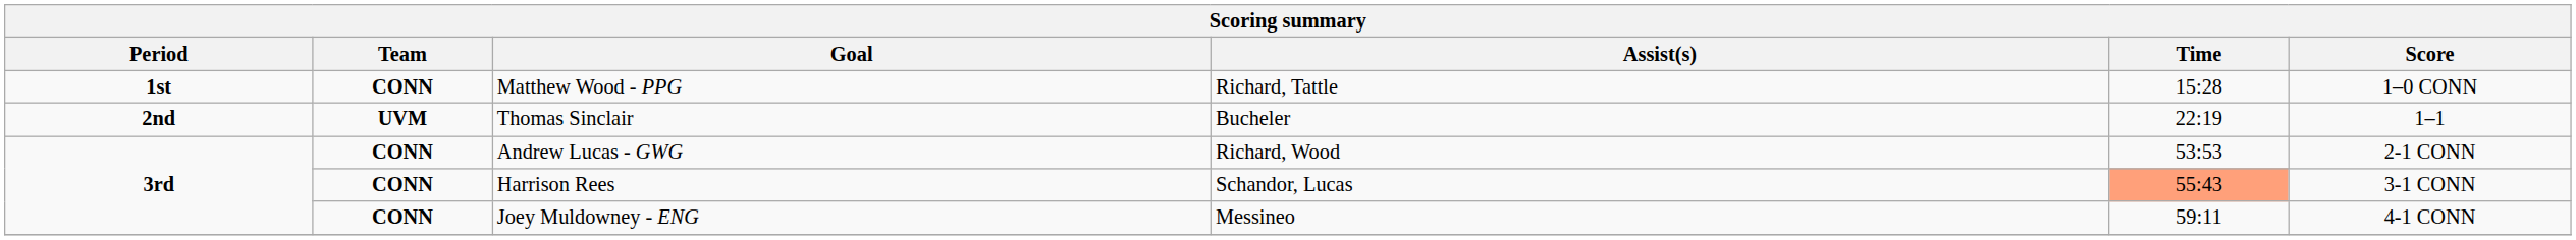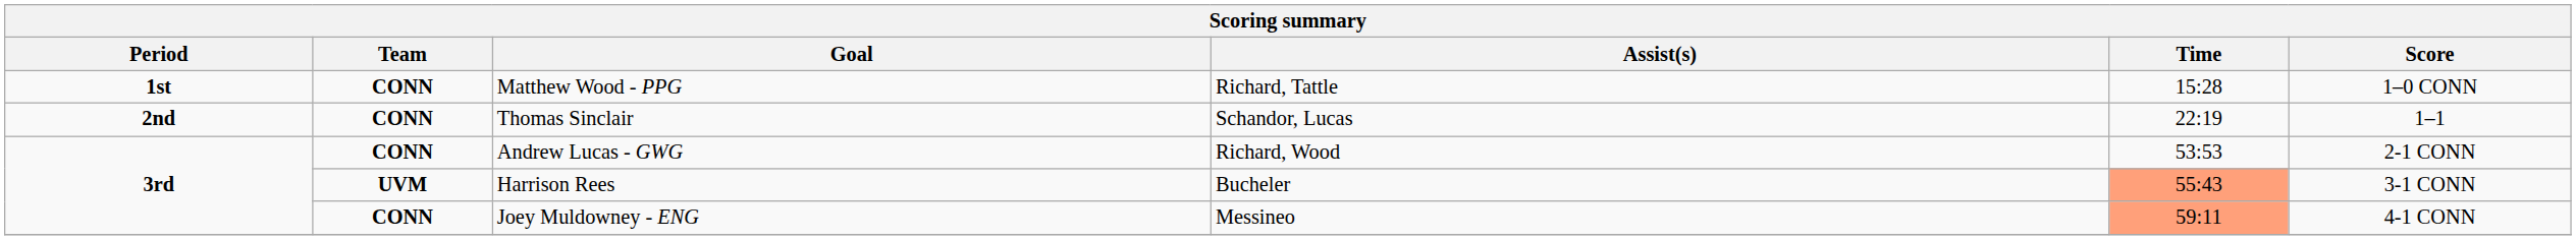 <table style="width:100%;" class="wikitable">
 <tr>
 <th colspan=6>Scoring summary</th>
 </tr>
 <tr>
 <th style="width:12%;">Period</th>
 <th style="width:7%;">Team</th>
 <th style="width:28%;">Goal</th>
 <th style="width:35%;">Assist(s)</th>
 <th style="width:7%;">Time</th>
 <th style="width:11%;">Score</th>
 </tr>
 <tr>
 <td style="text-align:center;" rowspan="1"><strong>1st</strong></td>
 <td align=center><strong>CONN</strong></td>
 <td>Matthew Wood - <em>PPG</em></td>
 <td>Richard, Tattle</td>
 <td align=center>15:28</td>
 <td align=center>1–0 CONN</td>
 </tr>
 <tr>
 <td style="text-align:center;" rowspan="1"><strong>2nd</strong></td>
-<td align=center><strong>UVM</strong></td>
+<td align=center><strong>CONN</strong></td>
 <td>Thomas Sinclair</td>
-<td>Bucheler</td>
+<td>Schandor, Lucas</td>
 <td align=center>22:19</td>
 <td align=center>1–1</td>
 </tr>
 <tr>
 <td style="text-align:center;" rowspan="3"><strong>3rd</strong></td>
 <td align=center><strong>CONN</strong></td>
 <td>Andrew Lucas - <em>GWG</em></td>
 <td>Richard, Wood</td>
 <td align=center>53:53</td>
 <td align=center>2-1 CONN</td>
 </tr>
 <tr>
-<td align=center><strong>CONN</strong></td>
+<td align=center><strong>UVM</strong></td>
 <td>Harrison Rees</td>
-<td>Schandor, Lucas</td>
+<td>Bucheler</td>
 <td align=center style="background: lightsalmon;">55:43</td>
 <td align=center>3-1 CONN</td>
 </tr>
 <tr>
 <td align=center><strong>CONN</strong></td>
 <td>Joey Muldowney - <em>ENG</em></td>
 <td>Messineo</td>
-<td align=center>59:11</td>
+<td align=center style="background: lightsalmon;">59:11</td>
 <td align=center>4-1 CONN</td>
 </tr>
 <tr>
 </tr>
 </table>
